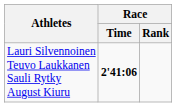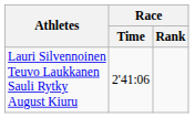 <table class="wikitable" border="1" style="font-size:90%">
 <tr>
 <th rowspan=2>Athletes</th>
 <th colspan=2>Race</th>
 </tr>
 <tr>
 <th>Time</th>
 <th>Rank</th>
 </tr>
 <tr>
 <td><a href='#'>Lauri Silvennoinen</a><br><a href='#'>Teuvo Laukkanen</a><br><a href='#'>Sauli Rytky</a><br><a href='#'>August Kiuru</a></td>
-<td align=center><strong>2'41:06</strong></td>
+<td align=center>2'41:06</td>
 <td align=center></td>
 </tr>
 </table>
